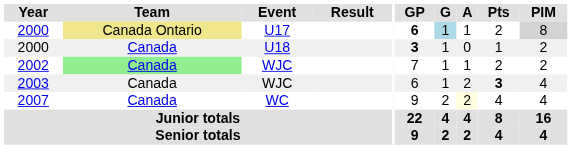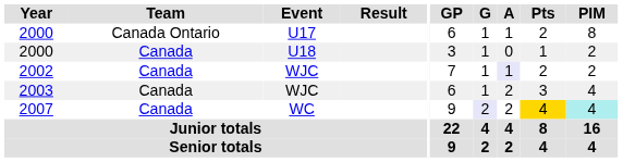 <table border="0" cellpadding="1" cellspacing="0" ID="Table3" style="text-align:center; width:40em">
 <tr ALIGN="center" bgcolor="#e0e0e0">
 <th>Year</th>
 <th>Team</th>
 <th>Event</th>
 <th>Result</th>
 <th rowspan="99" bgcolor="#ffffff"></th>
 <th>GP</th>
 <th>G</th>
 <th>A</th>
 <th>Pts</th>
 <th>PIM</th>
 </tr>
 <tr>
 <td><a href='#'>2000</a></td>
-<td style="background: khaki;">Canada Ontario</td>
+<td>Canada Ontario</td>
 <td><a href='#'>U17</a></td>
 <td></td>
-<td><strong>6</strong></td>
-<td style="background: lightblue;">1</td>
+<td>6</td>
+<td>1</td>
 <td>1</td>
 <td>2</td>
-<td style="background: lightgrey;">8</td>
+<td>8</td>
 </tr>
 <tr bgcolor="#f0f0f0">
 <td>2000</td>
 <td><a href='#'>Canada</a></td>
 <td><a href='#'>U18</a></td>
 <td></td>
-<td><strong>3</strong></td>
+<td>3</td>
 <td>1</td>
 <td>0</td>
 <td>1</td>
 <td>2</td>
 </tr>
 <tr>
 <td><a href='#'>2002</a></td>
-<td style="background: lightgreen;"><a href='#'>Canada</a></td>
+<td><a href='#'>Canada</a></td>
 <td><a href='#'>WJC</a></td>
 <td></td>
 <td>7</td>
 <td>1</td>
-<td>1</td>
+<td style="background: lavender;">1</td>
 <td>2</td>
 <td>2</td>
 </tr>
 <tr bgcolor="#f0f0f0">
 <td><a href='#'>2003</a></td>
 <td>Canada</td>
 <td>WJC</td>
 <td></td>
 <td>6</td>
 <td>1</td>
 <td>2</td>
-<td><strong>3</strong></td>
+<td>3</td>
 <td>4</td>
 </tr>
 <tr>
 <td><a href='#'>2007</a></td>
 <td><a href='#'>Canada</a></td>
 <td><a href='#'>WC</a></td>
 <td></td>
 <td>9</td>
+<td style="background: lavender;">2</td>
 <td>2</td>
-<td style="background: lightyellow;">2</td>
-<td>4</td>
-<td>4</td>
+<td style="background: gold;">4</td>
+<td style="background: paleturquoise;">4</td>
 </tr>
 <tr bgcolor="#e0e0e0">
 <th colspan="4">Junior totals</th>
 <th>22</th>
 <th>4</th>
 <th>4</th>
 <th>8</th>
 <th>16</th>
 </tr>
 <tr bgcolor="#e0e0e0">
 <th colspan="4">Senior totals</th>
 <th>9</th>
 <th>2</th>
 <th>2</th>
 <th>4</th>
 <th>4</th>
 </tr>
 </table>
